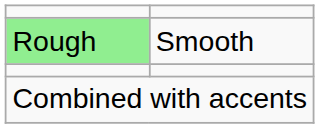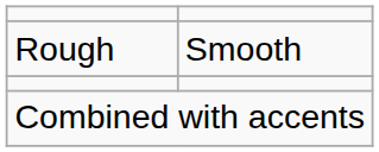 <table class="wikitable" style="float: right;">
 <tr>
 <td></td>
 <td></td>
 </tr>
 <tr>
-<td style="background: lightgreen;">Rough</td>
+<td>Rough</td>
 <td>Smooth</td>
 </tr>
 <tr>
 <td></td>
 <td></td>
 </tr>
 <tr>
 <td colspan="2">Combined with accents</td>
 </tr>
 </table>
